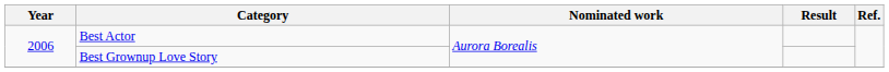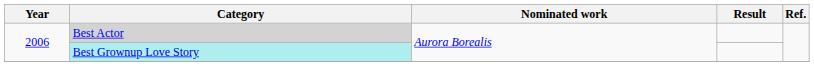 <table class=wikitable>
 <tr>
 <th scope="col" style="width:5em;">Year</th>
 <th scope="col" style="width:28em;">Category</th>
 <th scope="col" style="width:25em;">Nominated work</th>
 <th scope="col" style="width:5em;">Result</th>
 <th>Ref.</th>
 </tr>
 <tr>
 <td style="text-align:center;", rowspan="2"><a href='#'>2006</a></td>
-<td><a href='#'>Best Actor</a></td>
+<td style="background: lightgrey;"><a href='#'>Best Actor</a></td>
 <td rowspan="2"><em><a href='#'>Aurora Borealis</a></em></td>
 <td></td>
 <td align="center" rowspan="2"></td>
 </tr>
 <tr>
-<td><a href='#'>Best Grownup Love Story</a></td>
+<td style="background: paleturquoise;"><a href='#'>Best Grownup Love Story</a></td>
 <td></td>
 </tr>
 <tr>
 </tr>
 </table>
